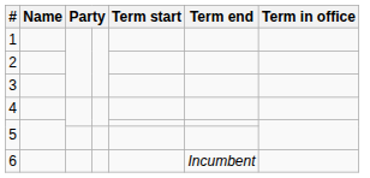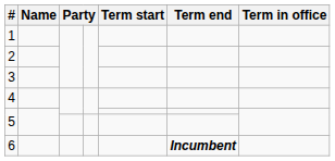 <table class="wikitable sortable">
 <tr>
 <th>#</th>
 <th>Name</th>
 <th colspan=2>Party</th>
 <th>Term start</th>
 <th>Term end</th>
 <th>Term in office</th>
 </tr>
 <tr>
 <td>1</td>
 <td></td>
 <td rowspan=3 > </td>
 <td rowspan=3></td>
 <td></td>
 <td></td>
 <td></td>
 </tr>
 <tr>
 <td>2</td>
 <td></td>
 <td></td>
 <td></td>
 <td></td>
 </tr>
 <tr>
 <td>3</td>
 <td></td>
 <td></td>
 <td></td>
 <td></td>
 </tr>
 <tr>
 <td>4</td>
 <td></td>
 <td rowspan=2 > </td>
 <td rowspan=2></td>
 <td></td>
 <td></td>
 <td></td>
 </tr>
 <tr>
 <td rowspan=2>5</td>
 <td rowspan=2></td>
 <td></td>
 <td></td>
 <td rowspan=2></td>
 </tr>
 <tr>
 <td> </td>
 <td></td>
 <td></td>
 <td></td>
 </tr>
 <tr>
 <td>6</td>
 <td></td>
 <td> </td>
 <td></td>
 <td></td>
-<td><em>Incumbent</em></td>
+<td><strong><em>Incumbent</em></strong></td>
 <td></td>
 </tr>
 </table>
